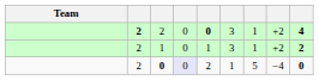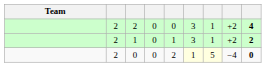 <table class="wikitable" style="text-align: center; font-size:90% ">
 <tr>
 <th width=160>Team</th>
 <th width=25></th>
 <th width=25></th>
 <th width=25></th>
 <th width=25></th>
 <th width=25></th>
 <th width=25></th>
 <th width=25></th>
 <th width=25></th>
 </tr>
 <tr bgcolor="ccffcc">
 <td align=left></td>
-<td><strong>2</strong></td>
+<td>2</td>
 <td>2</td>
 <td>0</td>
-<td><strong>0</strong></td>
+<td>0</td>
 <td>3</td>
 <td>1</td>
 <td>+2</td>
 <td><strong>4</strong></td>
 </tr>
 <tr bgcolor="ccffcc">
 <td align=left></td>
 <td>2</td>
 <td>1</td>
 <td>0</td>
 <td>1</td>
 <td>3</td>
 <td>1</td>
 <td>+2</td>
 <td><strong>2</strong></td>
 </tr>
 <tr>
 <td align=left></td>
 <td>2</td>
-<td><strong>0</strong></td>
-<td style="background: lavender;">0</td>
+<td>0</td>
+<td>0</td>
 <td>2</td>
-<td>1</td>
-<td>5</td>
+<td style="background: lightyellow;">1</td>
+<td style="background: lightyellow;">5</td>
 <td>−4</td>
 <td><strong>0</strong></td>
 </tr>
 </table>
